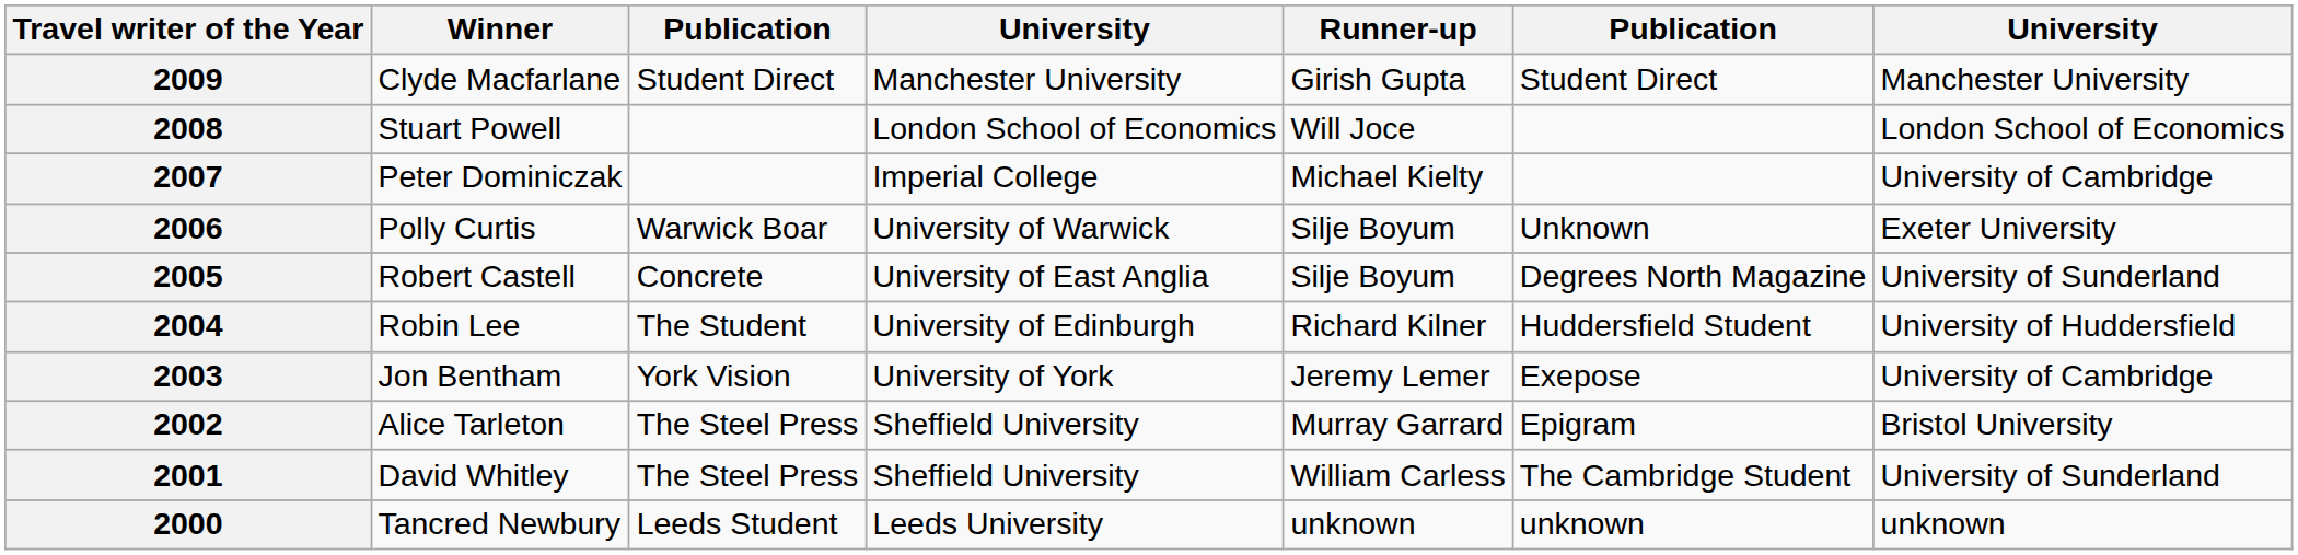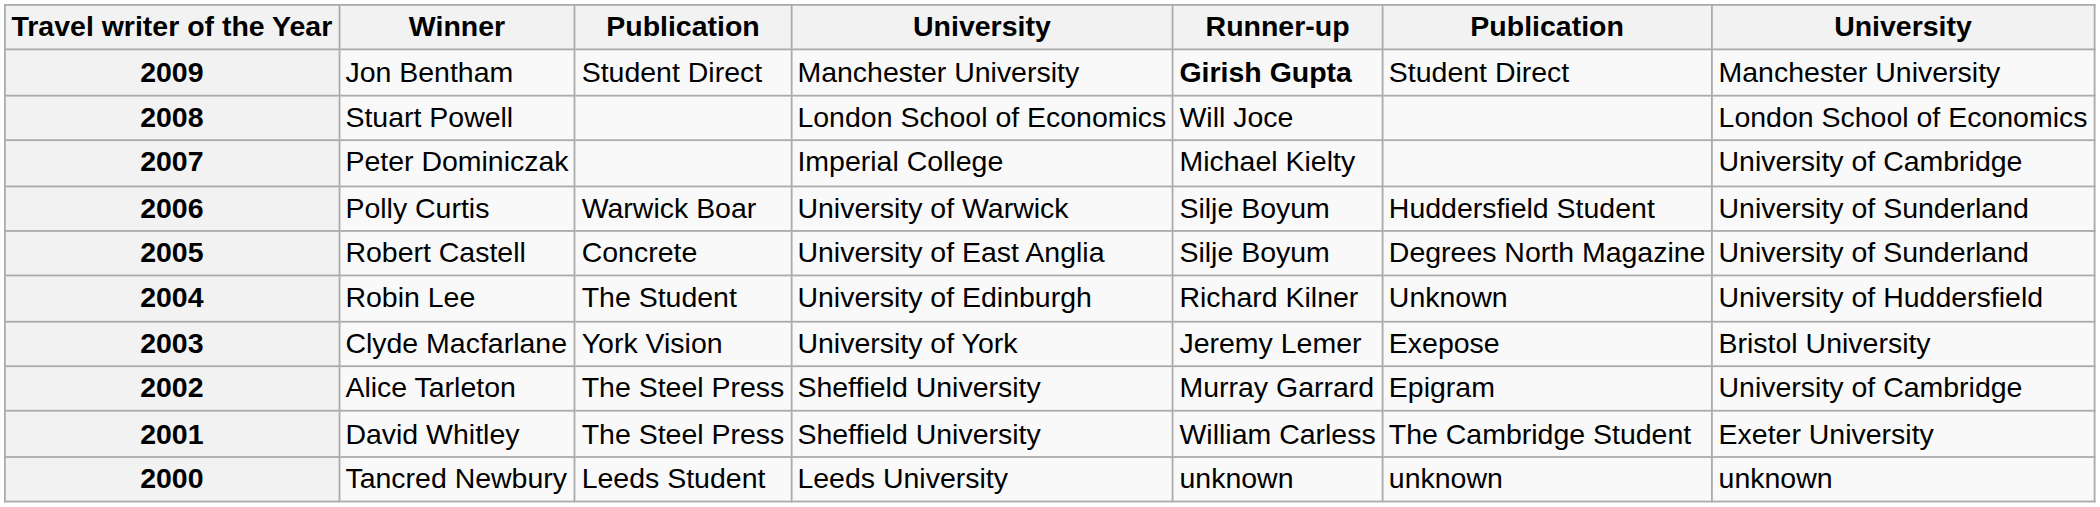 <table class="wikitable" style="font-align: center">
 <tr>
 <th>Travel writer of the Year</th>
 <th>Winner</th>
 <th>Publication</th>
 <th>University</th>
 <th>Runner-up</th>
 <th>Publication</th>
 <th>University</th>
 </tr>
 <tr>
 <th>2009</th>
-<td>Clyde Macfarlane</td>
+<td>Jon Bentham</td>
 <td>Student Direct</td>
 <td>Manchester University</td>
-<td>Girish Gupta</td>
+<td><strong>Girish Gupta</strong></td>
 <td>Student Direct</td>
 <td>Manchester University</td>
 </tr>
 <tr>
 <th>2008</th>
 <td>Stuart Powell</td>
 <td></td>
 <td>London School of Economics</td>
 <td>Will Joce</td>
 <td></td>
 <td>London School of Economics</td>
 </tr>
 <tr>
 <th>2007</th>
 <td>Peter Dominiczak</td>
 <td></td>
 <td>Imperial College</td>
 <td>Michael Kielty</td>
 <td></td>
 <td>University of Cambridge</td>
 </tr>
 <tr>
 <th>2006</th>
 <td>Polly Curtis</td>
 <td>Warwick Boar</td>
 <td>University of Warwick</td>
 <td>Silje Boyum</td>
-<td>Unknown</td>
-<td>Exeter University</td>
+<td>Huddersfield Student</td>
+<td>University of Sunderland</td>
 </tr>
 <tr>
 <th>2005</th>
 <td>Robert Castell</td>
 <td>Concrete</td>
 <td>University of East Anglia</td>
 <td>Silje Boyum</td>
 <td>Degrees North Magazine</td>
 <td>University of Sunderland</td>
 </tr>
 <tr>
 <th>2004</th>
 <td>Robin Lee</td>
 <td>The Student</td>
 <td>University of Edinburgh</td>
 <td>Richard Kilner</td>
-<td>Huddersfield Student</td>
+<td>Unknown</td>
 <td>University of Huddersfield</td>
 </tr>
 <tr>
 <th>2003</th>
-<td>Jon Bentham</td>
+<td>Clyde Macfarlane</td>
 <td>York Vision</td>
 <td>University of York</td>
 <td>Jeremy Lemer</td>
 <td>Exepose</td>
-<td>University of Cambridge</td>
+<td>Bristol University</td>
 </tr>
 <tr>
 <th>2002</th>
 <td>Alice Tarleton</td>
 <td>The Steel Press</td>
 <td>Sheffield University</td>
 <td>Murray Garrard</td>
 <td>Epigram</td>
-<td>Bristol University</td>
+<td>University of Cambridge</td>
 </tr>
 <tr>
 <th>2001</th>
 <td>David Whitley</td>
 <td>The Steel Press</td>
 <td>Sheffield University</td>
 <td>William Carless</td>
 <td>The Cambridge Student</td>
-<td>University of Sunderland</td>
+<td>Exeter University</td>
 </tr>
 <tr>
 <th>2000</th>
 <td>Tancred Newbury</td>
 <td>Leeds Student</td>
 <td>Leeds University</td>
 <td>unknown</td>
 <td>unknown</td>
 <td>unknown</td>
 </tr>
 </table>
